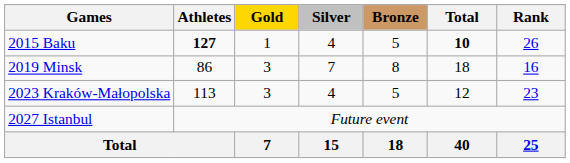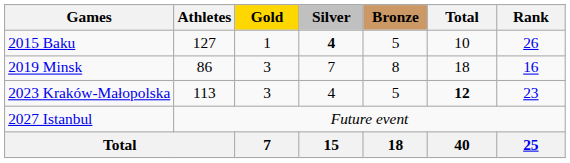 <table class="wikitable" style="text-align:center; font-size:90%;">
 <tr>
 <th>Games</th>
 <th>Athletes</th>
 <td style="background:gold; width:3.7em; font-weight:bold;">Gold</td>
 <td style="background:silver; width:3.7em; font-weight:bold;">Silver</td>
 <td style="background:#cc9966; width:3.7em; font-weight:bold;">Bronze</td>
 <th style="width:4em; font-weight:bold;">Total</th>
 <th style="width:4em; font-weight:bold;">Rank</th>
 </tr>
 <tr>
 <td align=left> <a href='#'>2015 Baku</a></td>
-<td><strong>127</strong></td>
+<td>127</td>
 <td>1</td>
-<td>4</td>
+<td><strong>4</strong></td>
 <td>5</td>
-<td><strong>10</strong></td>
+<td>10</td>
 <td><a href='#'>26</a></td>
 </tr>
 <tr>
 <td align=left> <a href='#'>2019 Minsk</a></td>
 <td>86</td>
 <td>3</td>
 <td>7</td>
 <td>8</td>
 <td>18</td>
 <td><a href='#'>16</a></td>
 </tr>
 <tr>
 <td align=left> <a href='#'>2023 Kraków-Małopolska</a></td>
 <td>113</td>
 <td>3</td>
 <td>4</td>
 <td>5</td>
-<td>12</td>
+<td><strong>12</strong></td>
 <td><a href='#'>23</a></td>
 </tr>
 <tr>
 <td align=left> <a href='#'>2027 Istanbul</a></td>
 <td colspan=6><em>Future event</em></td>
 </tr>
 <tr>
 <th colspan=2>Total</th>
 <th>7</th>
 <th>15</th>
 <th>18</th>
 <th>40</th>
 <th><a href='#'>25</a></th>
 </tr>
 </table>
